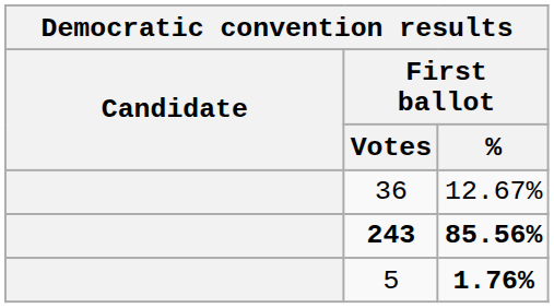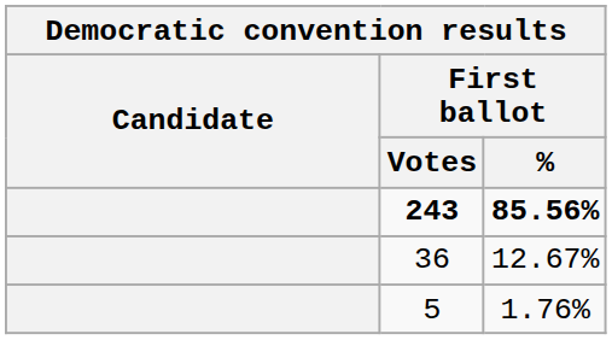 <table class="wikitable sortable plainrowheaders">
 <tr>
 <th colspan="3" >Democratic convention results</th>
 </tr>
 <tr style="background:#eee; text-align:center;">
 <th scope="col" style="width: 12em" rowspan=2>Candidate</th>
 <th scope="col"  style="width: 5em" colspan=2>First ballot</th>
 </tr>
 <tr>
 <th>Votes</th>
 <th>%</th>
 </tr>
 <tr>
-<th scope="row"></th>
-<td style="text-align:center;">36</td>
-<td style="text-align:center;">12.67%</td>
-</tr>
-<tr>
 <th scope="row"><strong></strong></th>
 <td style="text-align:center;"><strong>243</strong></td>
 <td style="text-align:center;"><strong>85.56%</strong></td>
 </tr>
 <tr>
 <th scope="row"></th>
+<td style="text-align:center;">36</td>
+<td style="text-align:center;">12.67%</td>
+</tr>
+<tr>
+<th scope="row"></th>
 <td style="text-align:center;">5</td>
-<td style="text-align:center;"><strong>1.76%</strong></td>
+<td style="text-align:center;">1.76%</td>
 </tr>
 </table>
